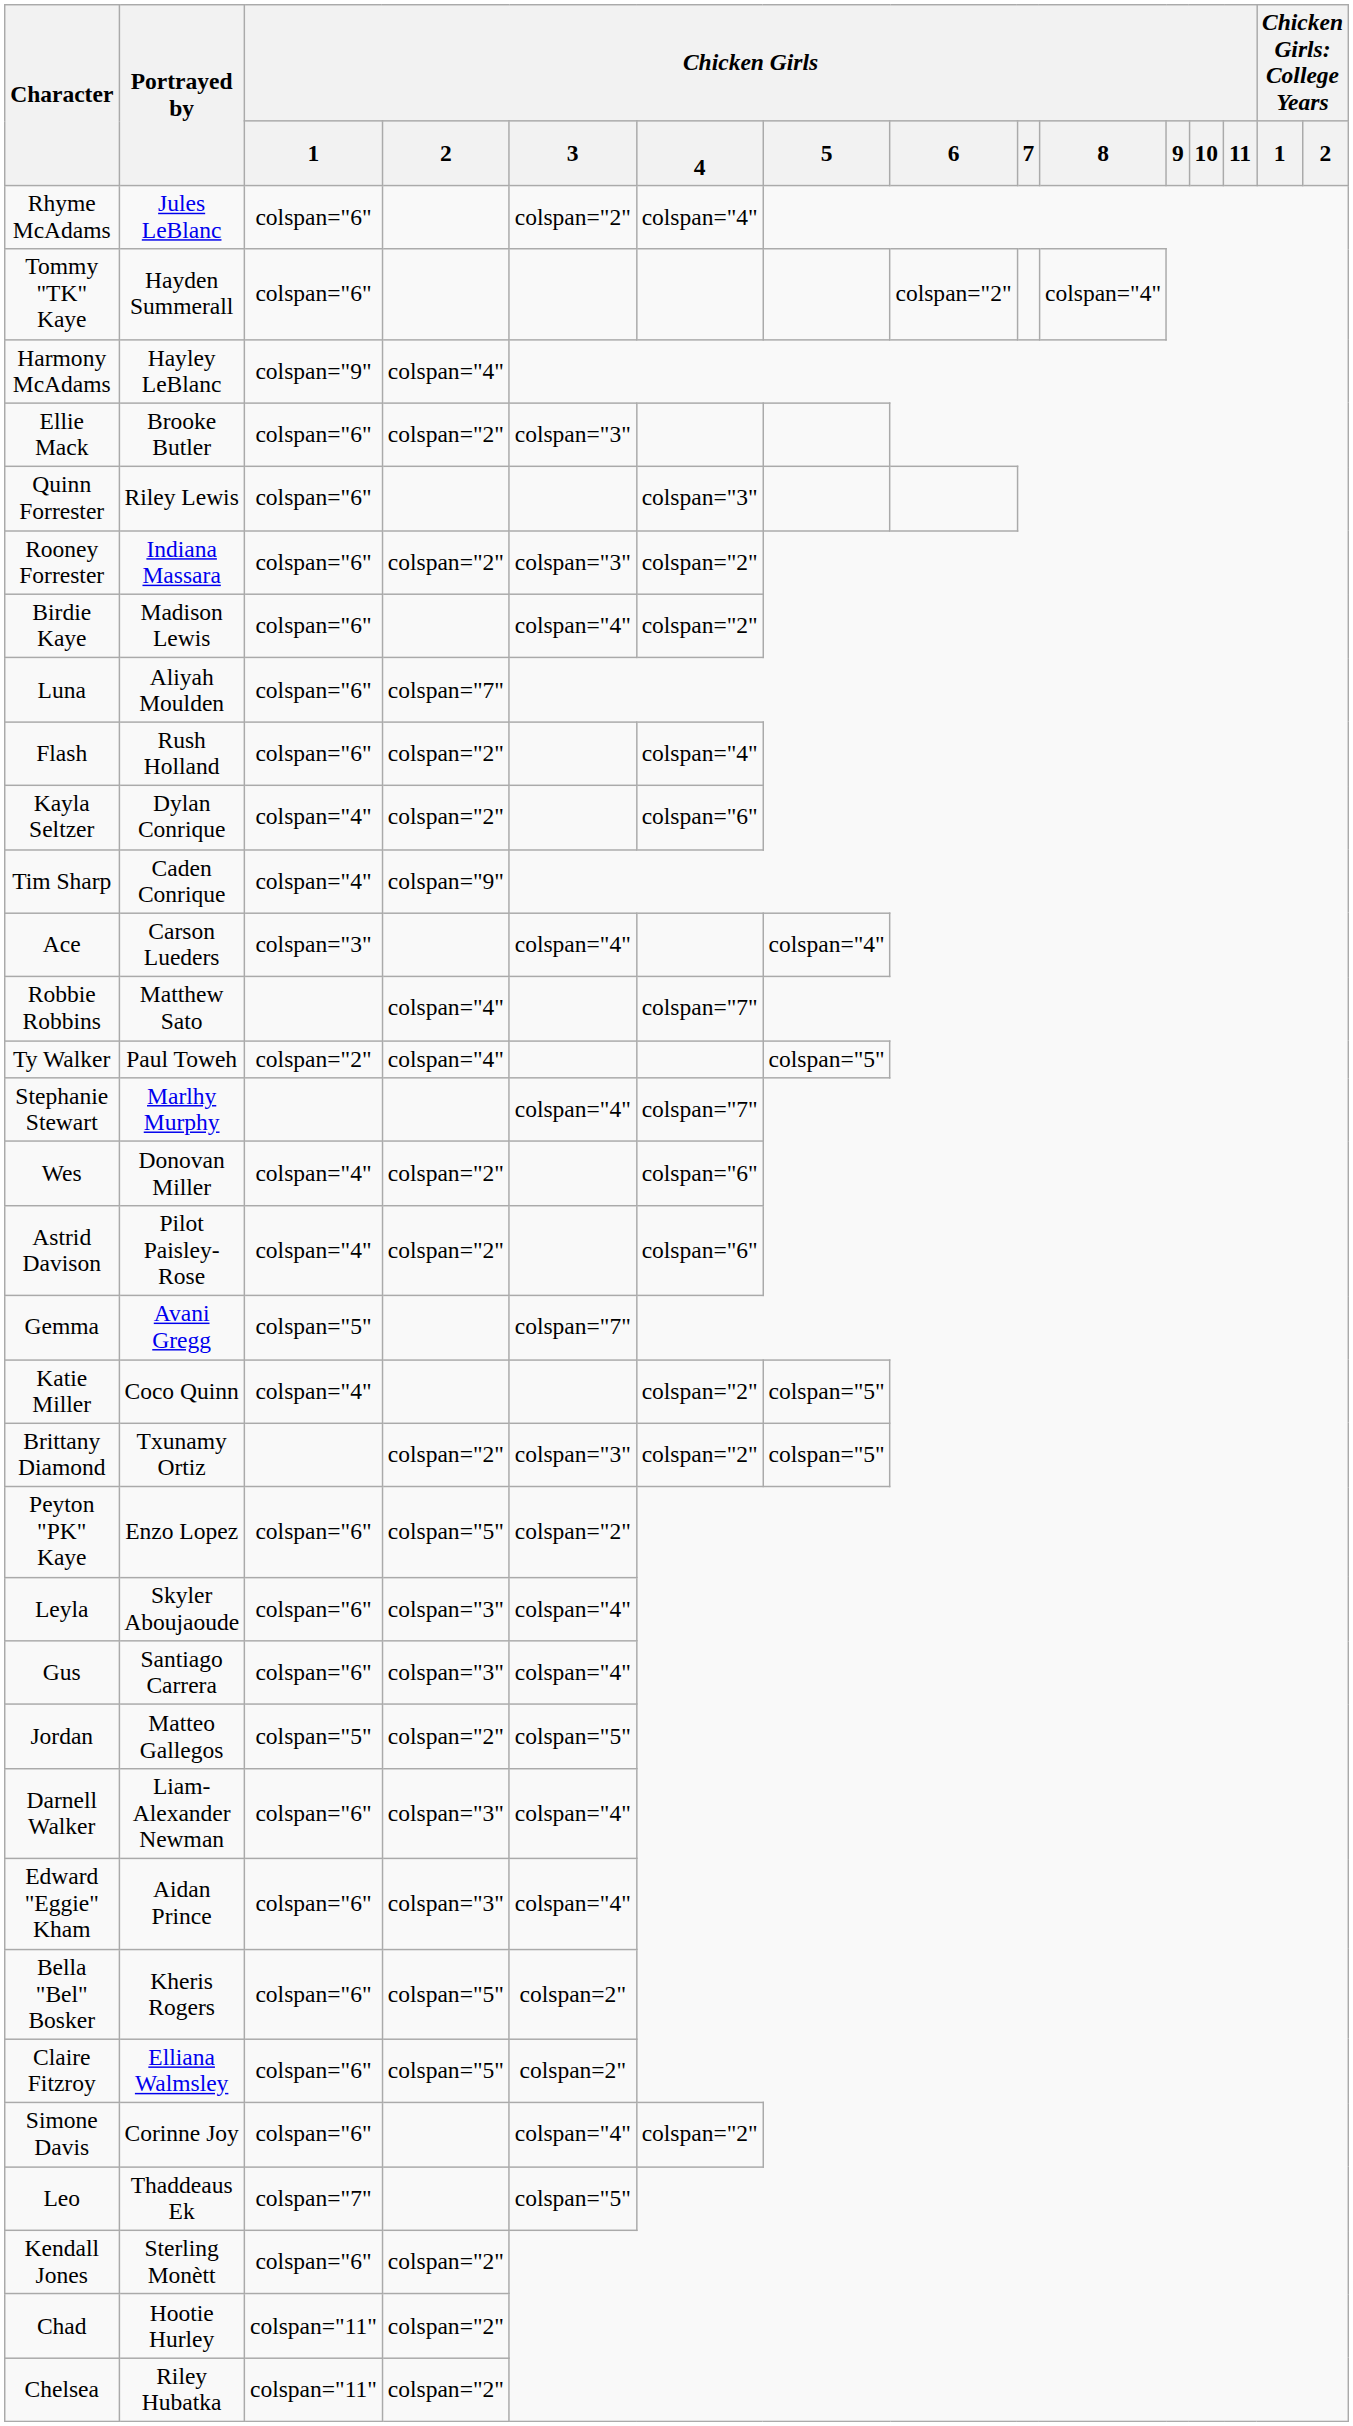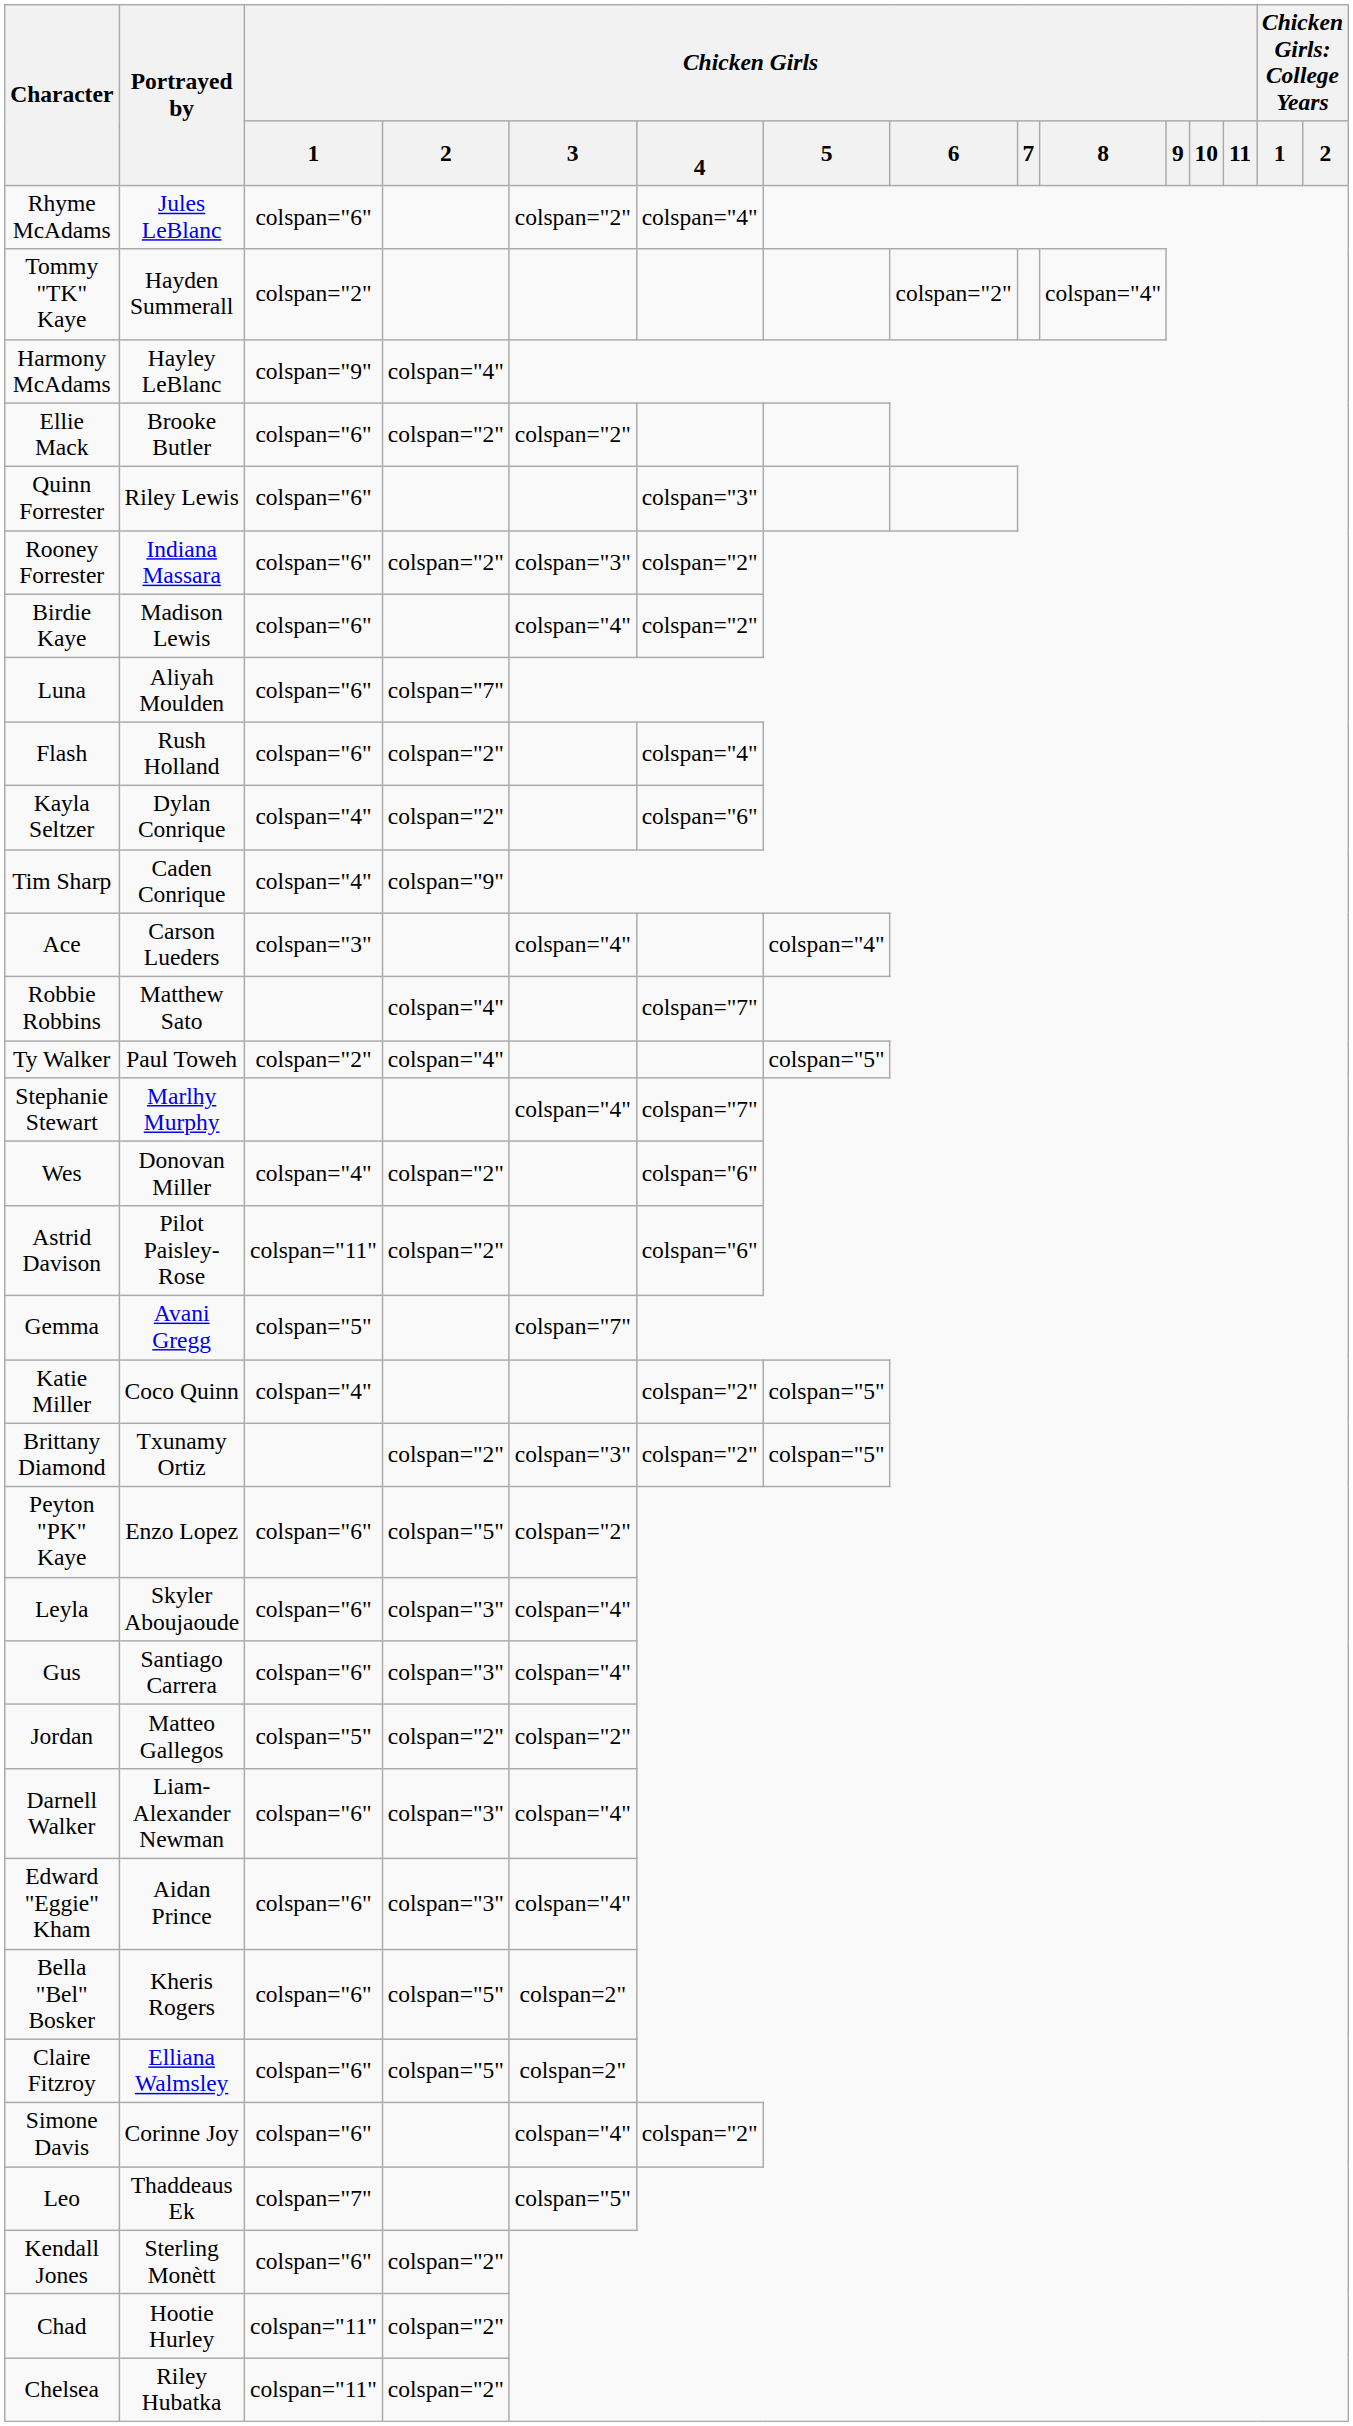 <table class="wikitable plainrowheaders" style="text-align:center;">
 <tr>
 <th scope="col" rowspan="2" style="width:240px;">Character</th>
 <th scope="col" rowspan="2" style="width:160px;">Portrayed by</th>
 <th colspan="11" scope="col"><em>Chicken Girls</em></th>
 <th colspan="2" scope="col"><em>Chicken Girls: College Years</em></th>
 </tr>
 <tr>
 <th scope="col" style="width:60px;">1</th>
 <th scope="col" style="width:60px;">2</th>
 <th scope="col" style="width:60px;">3</th>
 <th scope="col" style="width:60px;"><br>4</th>
 <th scope="col" style="width:60px;">5</th>
 <th scope="col" style="width:60px;">6</th>
 <th scope="col" style="width:60px;">7</th>
 <th scope="col" style="width:60px;">8</th>
 <th scope="col" style="width:60px;">9</th>
 <th scope="col" style="width:60px;">10</th>
 <th scope="col" style="width:60px;">11</th>
 <th scope="col" style="width:60px;">1</th>
 <th scope="col" style="width:60px;">2</th>
 </tr>
 <tr>
 <td>Rhyme McAdams</td>
 <td><a href='#'>Jules LeBlanc</a></td>
 <td>colspan="6" </td>
 <td></td>
 <td>colspan="2" </td>
 <td>colspan="4" </td>
 </tr>
 <tr>
 <td>Tommy "TK" Kaye</td>
 <td>Hayden Summerall</td>
-<td>colspan="6" </td>
+<td>colspan="2" </td>
 <td></td>
 <td></td>
 <td></td>
 <td></td>
 <td>colspan="2" </td>
 <td></td>
 <td>colspan="4" </td>
 </tr>
 <tr>
 <td>Harmony McAdams</td>
 <td>Hayley LeBlanc</td>
 <td>colspan="9" </td>
 <td>colspan="4"</td>
 </tr>
 <tr>
 <td>Ellie Mack</td>
 <td>Brooke Butler</td>
 <td>colspan="6" </td>
 <td>colspan="2" </td>
-<td>colspan="3" </td>
+<td>colspan="2" </td>
 <td></td>
 <td></td>
 </tr>
 <tr>
 <td>Quinn Forrester</td>
 <td>Riley Lewis</td>
 <td>colspan="6" </td>
 <td></td>
 <td></td>
 <td>colspan="3" </td>
 <td></td>
 <td></td>
 </tr>
 <tr>
 <td>Rooney Forrester</td>
 <td><a href='#'>Indiana Massara</a></td>
 <td>colspan="6" </td>
 <td>colspan="2" </td>
 <td>colspan="3" </td>
 <td>colspan="2" </td>
 </tr>
 <tr>
 <td>Birdie Kaye</td>
 <td>Madison Lewis</td>
 <td>colspan="6" </td>
 <td></td>
 <td>colspan="4" </td>
 <td>colspan="2" </td>
 </tr>
 <tr>
 <td>Luna</td>
 <td>Aliyah Moulden</td>
 <td>colspan="6" </td>
 <td>colspan="7" </td>
 </tr>
 <tr>
 <td>Flash</td>
 <td>Rush Holland</td>
 <td>colspan="6" </td>
 <td>colspan="2" </td>
 <td></td>
 <td>colspan="4" </td>
 </tr>
 <tr>
 <td>Kayla Seltzer</td>
 <td>Dylan Conrique</td>
 <td>colspan="4" </td>
 <td>colspan="2" </td>
 <td></td>
 <td>colspan="6" </td>
 </tr>
 <tr>
 <td>Tim Sharp</td>
 <td>Caden Conrique</td>
 <td>colspan="4" </td>
 <td>colspan="9" </td>
 </tr>
 <tr>
 <td>Ace</td>
 <td>Carson Lueders</td>
 <td>colspan="3" </td>
 <td></td>
 <td>colspan="4" </td>
 <td></td>
 <td>colspan="4" </td>
 </tr>
 <tr>
 <td>Robbie Robbins</td>
 <td>Matthew Sato</td>
 <td></td>
 <td>colspan="4" </td>
 <td></td>
 <td>colspan="7" </td>
 </tr>
 <tr>
 <td>Ty Walker</td>
 <td>Paul Toweh</td>
 <td>colspan="2" </td>
 <td>colspan="4" </td>
 <td></td>
 <td></td>
 <td>colspan="5" </td>
 </tr>
 <tr>
 <td>Stephanie Stewart</td>
 <td><a href='#'>Marlhy Murphy</a></td>
 <td></td>
 <td></td>
 <td>colspan="4" </td>
 <td>colspan="7" </td>
 </tr>
 <tr>
 <td>Wes</td>
 <td>Donovan Miller</td>
 <td>colspan="4" </td>
 <td>colspan="2" </td>
 <td></td>
 <td>colspan="6" </td>
 </tr>
 <tr>
 <td>Astrid Davison</td>
 <td>Pilot Paisley-Rose</td>
-<td>colspan="4" </td>
+<td>colspan="11" </td>
 <td>colspan="2" </td>
 <td></td>
 <td>colspan="6" </td>
 </tr>
 <tr>
 <td>Gemma</td>
 <td><a href='#'>Avani Gregg</a></td>
 <td>colspan="5" </td>
 <td></td>
 <td>colspan="7" </td>
 </tr>
 <tr>
 <td scope="row">Katie Miller</td>
 <td>Coco Quinn</td>
 <td>colspan="4" </td>
 <td></td>
 <td></td>
 <td>colspan="2" </td>
 <td>colspan="5" </td>
 </tr>
 <tr>
 <td scope="row">Brittany Diamond</td>
 <td>Txunamy Ortiz</td>
 <td></td>
 <td>colspan="2" </td>
 <td>colspan="3" </td>
 <td>colspan="2" </td>
 <td>colspan="5" </td>
 </tr>
 <tr>
 <td>Peyton "PK" Kaye</td>
 <td>Enzo Lopez</td>
 <td>colspan="6" </td>
 <td>colspan="5" </td>
 <td>colspan="2" </td>
 </tr>
 <tr>
 <td scope="row">Leyla</td>
 <td>Skyler Aboujaoude</td>
 <td>colspan="6" </td>
 <td>colspan="3" </td>
 <td>colspan="4" </td>
 </tr>
 <tr>
 <td>Gus</td>
 <td>Santiago Carrera</td>
 <td>colspan="6" </td>
 <td>colspan="3" </td>
 <td>colspan="4" </td>
 </tr>
 <tr>
 <td>Jordan</td>
 <td>Matteo Gallegos</td>
 <td>colspan="5" </td>
 <td>colspan="2" </td>
-<td>colspan="5" </td>
+<td>colspan="2" </td>
 </tr>
 <tr>
 <td>Darnell Walker</td>
 <td>Liam-Alexander Newman</td>
 <td>colspan="6" </td>
 <td>colspan="3" </td>
 <td>colspan="4" </td>
 </tr>
 <tr>
 <td>Edward "Eggie" Kham</td>
 <td>Aidan Prince</td>
 <td>colspan="6" </td>
 <td>colspan="3" </td>
 <td>colspan="4" </td>
 </tr>
 <tr>
 <td>Bella "Bel" Bosker</td>
 <td>Kheris Rogers</td>
 <td>colspan="6" </td>
 <td>colspan="5" </td>
 <td>colspan=2" </td>
 </tr>
 <tr>
 <td>Claire Fitzroy</td>
 <td><a href='#'>Elliana Walmsley</a></td>
 <td>colspan="6" </td>
 <td>colspan="5" </td>
 <td>colspan=2" </td>
 </tr>
 <tr>
 <td>Simone Davis</td>
 <td>Corinne Joy</td>
 <td>colspan="6" </td>
 <td></td>
 <td>colspan="4" </td>
 <td>colspan="2" </td>
 </tr>
 <tr>
 <td>Leo</td>
 <td>Thaddeaus Ek</td>
 <td>colspan="7" </td>
 <td></td>
 <td>colspan="5" </td>
 </tr>
 <tr>
 <td>Kendall Jones</td>
 <td>Sterling Monètt</td>
 <td>colspan="6" </td>
 <td>colspan="2" </td>
 </tr>
 <tr>
 <td>Chad</td>
 <td>Hootie Hurley</td>
 <td>colspan="11" </td>
 <td>colspan="2" </td>
 </tr>
 <tr>
 <td>Chelsea</td>
 <td>Riley Hubatka</td>
 <td>colspan="11" </td>
 <td>colspan="2" </td>
 </tr>
 </table>
